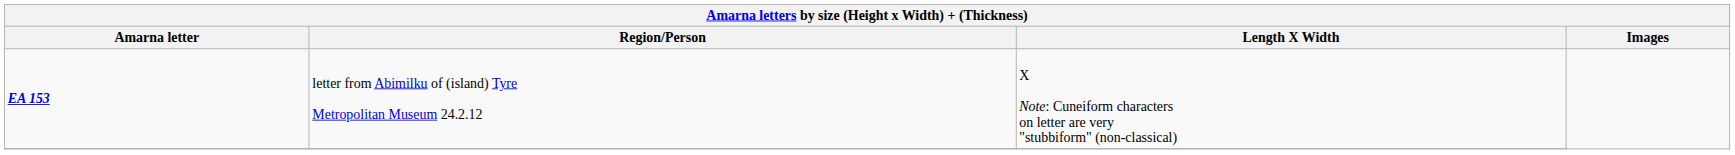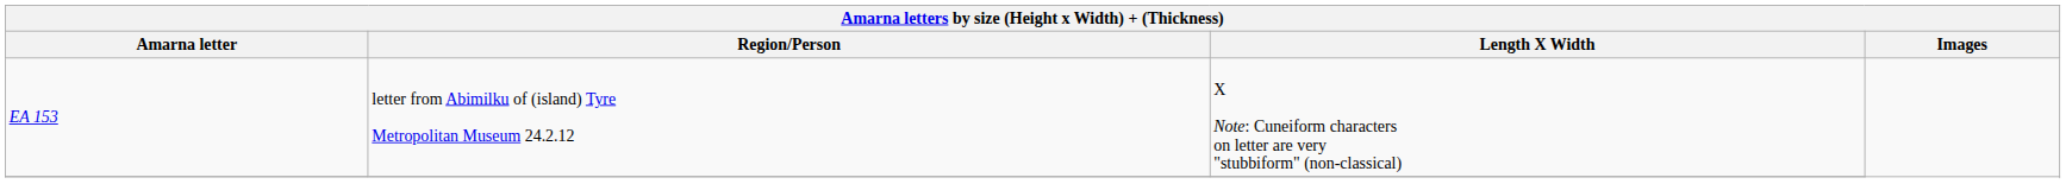 <table class="wikitable" align="center" width="100%">
 <tr>
 <th colspan="5" align="center"><strong><a href='#'>Amarna letters</a> by size (Height x Width) + (Thickness)</strong></th>
 </tr>
 <tr>
 <th>Amarna letter</th>
 <th>Region/Person</th>
 <th>Length X Width</th>
 <th>Images</th>
 </tr>
 <tr>
-<td><strong><em><a href='#'>EA 153</a></em></strong></td>
+<td><em><a href='#'>EA 153</a></em></td>
 <td>letter from <a href='#'>Abimilku</a> of (island) <a href='#'>Tyre</a><br><br> <a href='#'>Metropolitan Museum</a> 24.2.12</td>
 <td> <br>X <br><br> <em>Note</em>: Cuneiform characters <br> on letter are very <br>"stubbiform" (non-classical)</td>
 <td rowspan="99"></td>
 </tr>
 <tr>
 </tr>
 </table>
